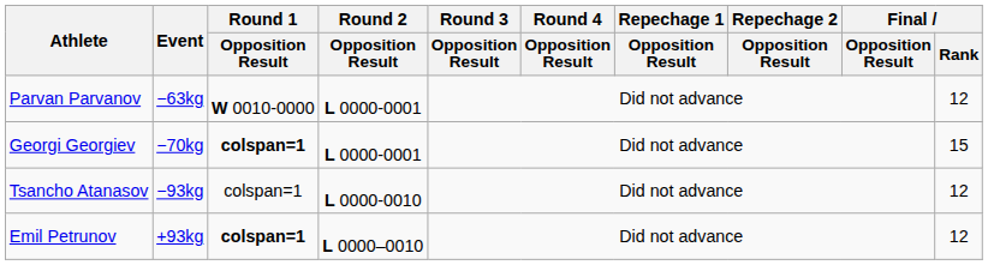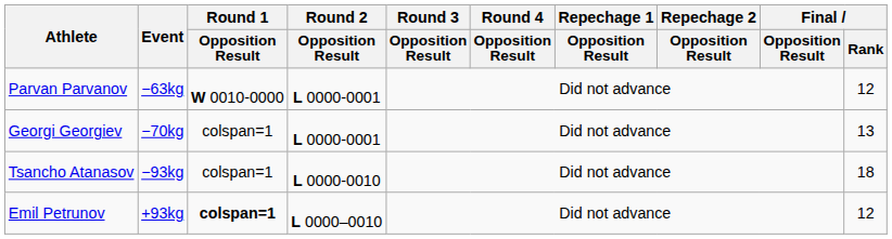 <table class="wikitable" style="font-size:90%">
 <tr>
 <th rowspan="2">Athlete</th>
 <th rowspan="2">Event</th>
 <th>Round 1</th>
 <th>Round 2</th>
 <th>Round 3</th>
 <th>Round 4</th>
 <th>Repechage 1</th>
 <th>Repechage 2</th>
 <th colspan=2>Final / </th>
 </tr>
 <tr style="font-size:95%">
 <th>Opposition<br>Result</th>
 <th>Opposition<br>Result</th>
 <th>Opposition<br>Result</th>
 <th>Opposition<br>Result</th>
 <th>Opposition<br>Result</th>
 <th>Opposition<br>Result</th>
 <th>Opposition<br>Result</th>
 <th>Rank</th>
 </tr>
 <tr align=center>
 <td align=left><a href='#'>Parvan Parvanov</a></td>
 <td align=left><a href='#'>−63kg</a></td>
 <td><br><strong>W</strong> 0010-0000</td>
 <td><br><strong>L</strong> 0000-0001</td>
 <td colspan=5>Did not advance</td>
 <td>12</td>
 </tr>
 <tr align=center>
 <td align=left><a href='#'>Georgi Georgiev</a></td>
 <td align=left><a href='#'>−70kg</a></td>
-<td><strong>colspan=1 </strong></td>
+<td>colspan=1 </td>
 <td><br><strong>L</strong> 0000-0001</td>
 <td colspan=5>Did not advance</td>
-<td>15</td>
+<td>13</td>
 </tr>
 <tr align=center>
 <td align=left><a href='#'>Tsancho Atanasov</a></td>
 <td align=left><a href='#'>−93kg</a></td>
 <td>colspan=1 </td>
 <td><br><strong>L</strong> 0000-0010</td>
 <td colspan=5>Did not advance</td>
-<td>12</td>
+<td>18</td>
 </tr>
 <tr align=center>
 <td align=left><a href='#'>Emil Petrunov</a></td>
 <td align=left><a href='#'>+93kg</a></td>
 <td><strong>colspan=1 </strong></td>
 <td><br><strong>L</strong> 0000–0010</td>
 <td colspan=5>Did not advance</td>
 <td>12</td>
 </tr>
 </table>
